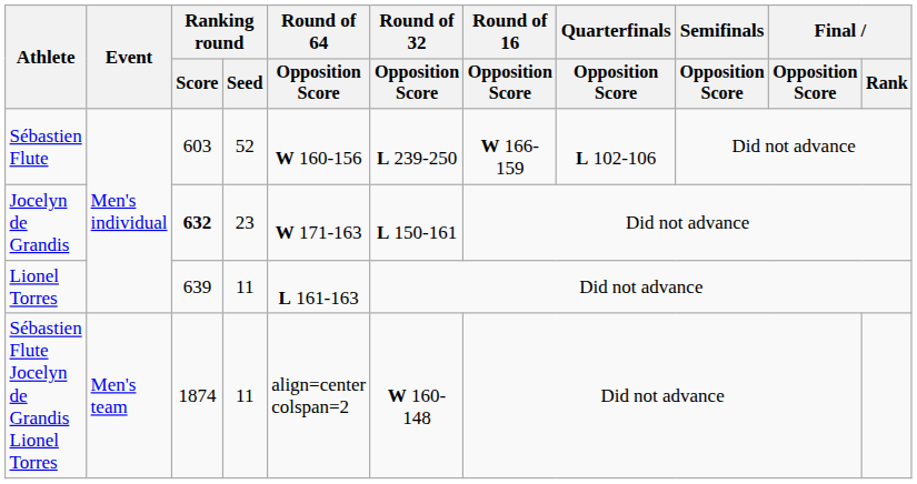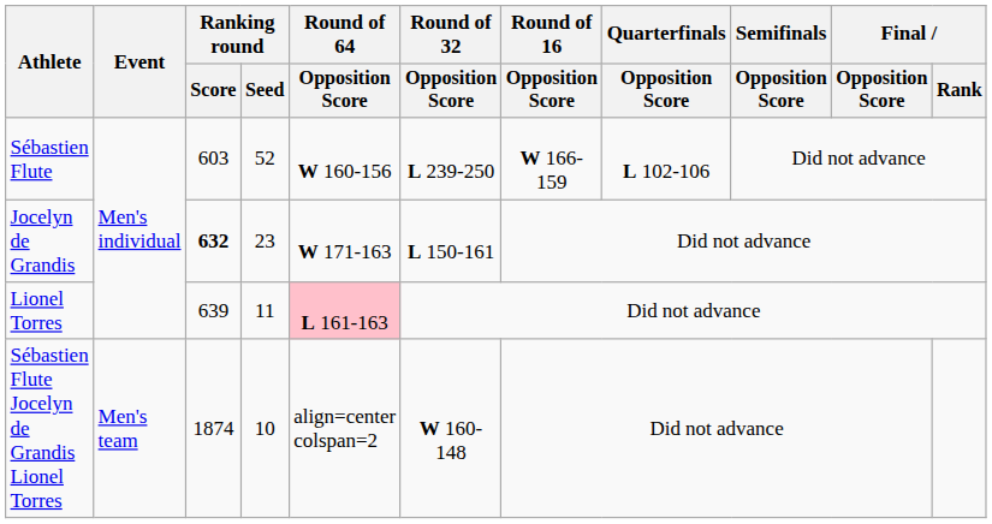 <table class="wikitable" style="font-size:90%">
 <tr>
 <th rowspan="2">Athlete</th>
 <th rowspan="2">Event</th>
 <th colspan="2">Ranking round</th>
 <th>Round of 64</th>
 <th>Round of 32</th>
 <th>Round of 16</th>
 <th>Quarterfinals</th>
 <th>Semifinals</th>
 <th colspan="2">Final / </th>
 </tr>
 <tr style="font-size:95%">
 <th>Score</th>
 <th>Seed</th>
 <th>Opposition<br>Score</th>
 <th>Opposition<br>Score</th>
 <th>Opposition<br>Score</th>
 <th>Opposition<br>Score</th>
 <th>Opposition<br>Score</th>
 <th>Opposition<br>Score</th>
 <th>Rank</th>
 </tr>
 <tr>
 <td align=left><a href='#'>Sébastien Flute</a></td>
 <td align=left rowspan=3><a href='#'>Men's individual</a></td>
 <td align=center>603</td>
 <td align=center>52</td>
 <td align=center><br><strong>W</strong> 160-156</td>
 <td align=center><br><strong>L</strong> 239-250</td>
 <td align=center><br><strong>W</strong> 166-159</td>
 <td align=center><br><strong>L</strong> 102-106</td>
 <td align=center colspan=3>Did not advance</td>
 </tr>
 <tr>
 <td align=left><a href='#'>Jocelyn de Grandis</a></td>
 <td align=center><strong>632</strong></td>
 <td align=center>23</td>
 <td align=center><br><strong>W</strong> 171-163</td>
 <td align=center><br><strong>L</strong> 150-161</td>
 <td align=center colspan=5>Did not advance</td>
 </tr>
 <tr>
 <td align=left><a href='#'>Lionel Torres</a></td>
 <td align=center>639</td>
 <td align=center>11</td>
-<td align=center><br><strong>L</strong> 161-163</td>
+<td align=center style="background: pink;"><br><strong>L</strong> 161-163</td>
 <td align=center colspan=6>Did not advance</td>
 </tr>
 <tr>
 <td align=left><a href='#'>Sébastien Flute</a><br> <a href='#'>Jocelyn de Grandis</a><br> <a href='#'>Lionel Torres</a></td>
 <td align=left><a href='#'>Men's team</a></td>
 <td align=center>1874</td>
-<td align=center>11</td>
+<td align=center>10</td>
 <td>align=center colspan=2 </td>
 <td align=center><br><strong>W</strong> 160-148</td>
 <td align=center colspan=4>Did not advance</td>
 </tr>
 </table>
